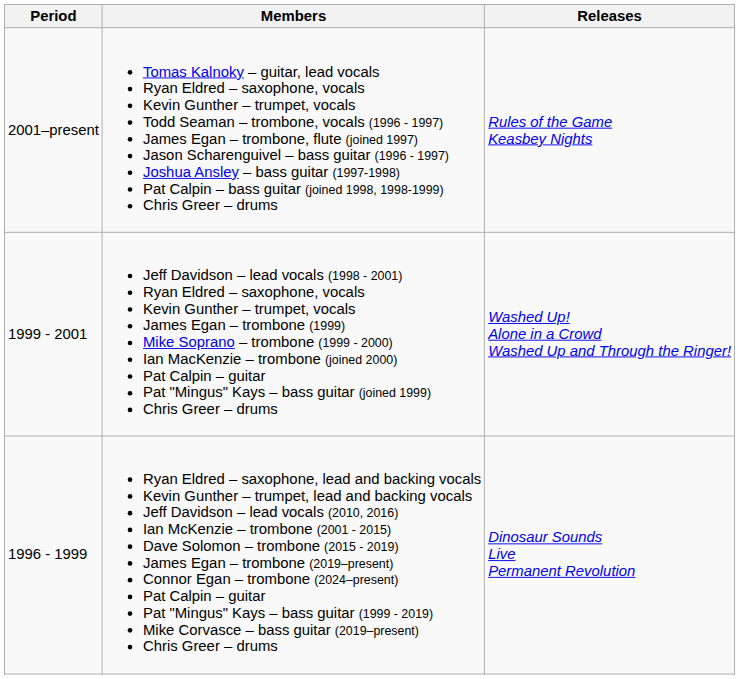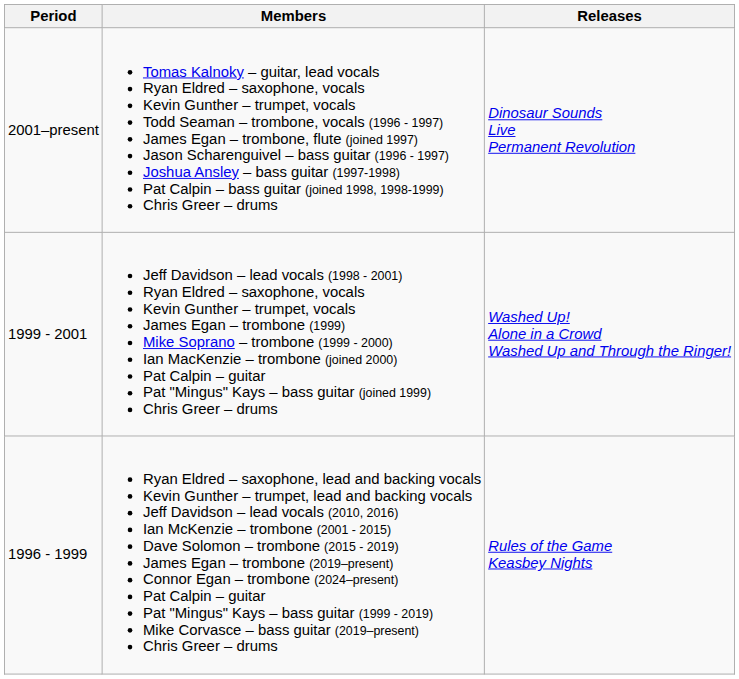 <table class="wikitable">
 <tr>
 <th>Period</th>
 <th>Members</th>
 <th>Releases</th>
 </tr>
 <tr>
 <td>2001–present</td>
 <td><br><ul><li><a href='#'>Tomas Kalnoky</a> – guitar, lead vocals</li><li>Ryan Eldred – saxophone, vocals</li><li>Kevin Gunther – trumpet, vocals</li><li>Todd Seaman – trombone, vocals <small>(1996 - 1997)</small></li><li>James Egan – trombone, flute <small>(joined 1997)</small></li><li>Jason Scharenguivel – bass guitar <small>(1996 - 1997)</small></li><li><a href='#'>Joshua Ansley</a> – bass guitar <small>(1997-1998)</small></li><li>Pat Calpin – bass guitar <small>(joined 1998, 1998-1999)</small></li><li>Chris Greer – drums</li></ul></td>
-<td><em><a href='#'>Rules of the Game</a></em><br><em><a href='#'>Keasbey Nights</a></em></td>
+<td><em><a href='#'>Dinosaur Sounds</a></em><br><em><a href='#'>Live</a></em><br><em><a href='#'>Permanent Revolution</a></em></td>
 </tr>
 <tr>
 <td>1999 - 2001</td>
 <td><br><ul><li>Jeff Davidson – lead vocals <small>(1998 - 2001)</small></li><li>Ryan Eldred – saxophone, vocals</li><li>Kevin Gunther – trumpet, vocals</li><li>James Egan – trombone <small>(1999)</small></li><li><a href='#'>Mike Soprano</a> – trombone <small>(1999 - 2000)</small></li><li>Ian MacKenzie – trombone <small>(joined 2000)</small></li><li>Pat Calpin – guitar</li><li>Pat "Mingus" Kays – bass guitar <small>(joined 1999)</small></li><li>Chris Greer – drums</li></ul></td>
 <td><em><a href='#'>Washed Up!</a></em><br><em><a href='#'>Alone in a Crowd</a></em><br><em><a href='#'>Washed Up and Through the Ringer!</a></em></td>
 </tr>
 <tr>
 <td>1996 - 1999</td>
 <td><br><ul><li>Ryan Eldred – saxophone, lead and backing vocals</li><li>Kevin Gunther – trumpet, lead and backing vocals</li><li>Jeff Davidson – lead vocals <small>(2010, 2016)</small></li><li>Ian McKenzie – trombone <small>(2001 - 2015)</small></li><li>Dave Solomon – trombone <small>(2015 - 2019)</small></li><li>James Egan – trombone <small>(2019–present)</small></li><li>Connor Egan – trombone <small>(2024–present)</small></li><li>Pat Calpin – guitar</li><li>Pat "Mingus" Kays – bass guitar <small>(1999 - 2019)</small></li><li>Mike Corvasce – bass guitar <small>(2019–present)</small></li><li>Chris Greer – drums</li></ul></td>
-<td><em><a href='#'>Dinosaur Sounds</a></em><br><em><a href='#'>Live</a></em><br><em><a href='#'>Permanent Revolution</a></em></td>
+<td><em><a href='#'>Rules of the Game</a></em><br><em><a href='#'>Keasbey Nights</a></em></td>
 </tr>
 </table>
